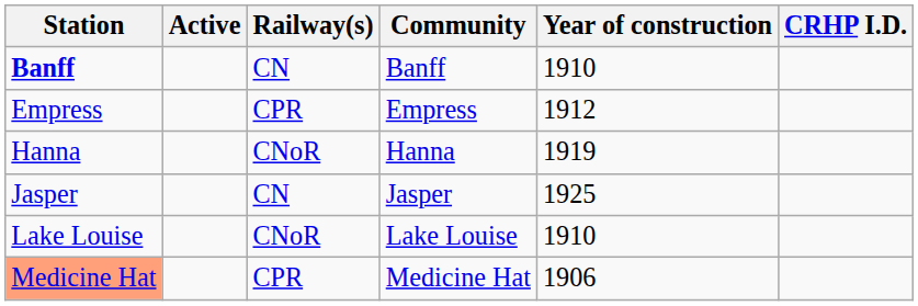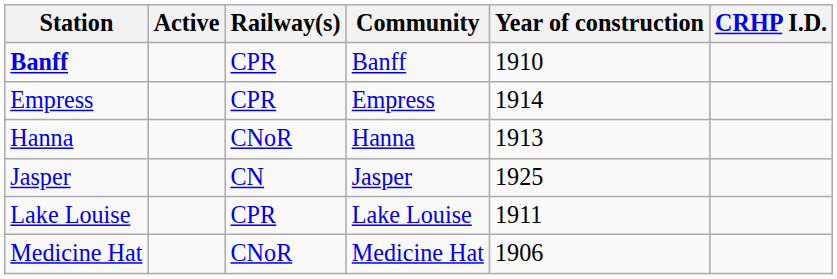 <table class="wikitable sortable">
 <tr>
 <th>Station</th>
 <th>Active</th>
 <th>Railway(s)</th>
 <th>Community</th>
 <th>Year of construction</th>
 <th><a href='#'>CRHP</a> I.D.</th>
 </tr>
 <tr>
 <td><strong><a href='#'>Banff</a></strong></td>
 <td></td>
-<td><a href='#'>CN</a></td>
+<td><a href='#'>CPR</a></td>
 <td><a href='#'>Banff</a></td>
 <td>1910</td>
 <td></td>
 </tr>
 <tr>
 <td><a href='#'>Empress</a></td>
 <td></td>
 <td><a href='#'>CPR</a></td>
 <td><a href='#'>Empress</a></td>
-<td>1912</td>
+<td>1914</td>
 <td></td>
 </tr>
 <tr>
 <td><a href='#'>Hanna</a></td>
 <td></td>
 <td><a href='#'>CNoR</a></td>
 <td><a href='#'>Hanna</a></td>
-<td>1919</td>
+<td>1913</td>
 <td></td>
 </tr>
 <tr>
 <td><a href='#'>Jasper</a></td>
 <td></td>
 <td><a href='#'>CN</a></td>
 <td><a href='#'>Jasper</a></td>
 <td>1925</td>
 <td></td>
 </tr>
 <tr>
 <td><a href='#'>Lake Louise</a></td>
 <td></td>
-<td><a href='#'>CNoR</a></td>
+<td><a href='#'>CPR</a></td>
 <td><a href='#'>Lake Louise</a></td>
-<td>1910</td>
+<td>1911</td>
 <td></td>
 </tr>
 <tr>
-<td style="background: lightsalmon;"><a href='#'>Medicine Hat</a></td>
+<td><a href='#'>Medicine Hat</a></td>
 <td></td>
-<td><a href='#'>CPR</a></td>
+<td><a href='#'>CNoR</a></td>
 <td><a href='#'>Medicine Hat</a></td>
 <td>1906</td>
 <td></td>
 </tr>
 </table>
